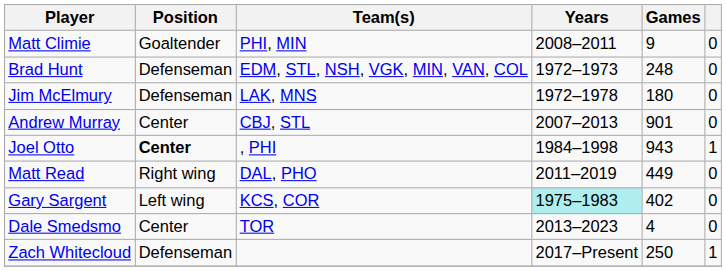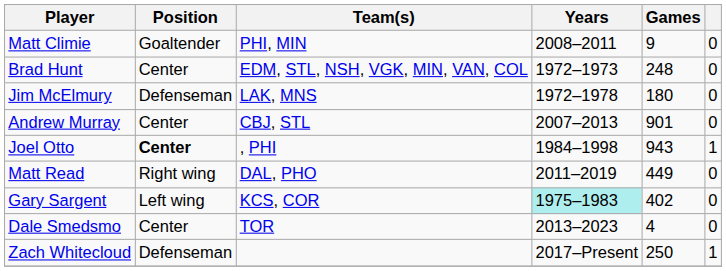 <table class="wikitable sortable">
 <tr>
 <th>Player</th>
 <th>Position</th>
 <th>Team(s)</th>
 <th>Years</th>
 <th>Games</th>
 <th><a href='#'></a></th>
 </tr>
 <tr>
 <td><a href='#'>Matt Climie</a></td>
 <td>Goaltender</td>
 <td><a href='#'>PHI</a>, <a href='#'>MIN</a></td>
 <td>2008–2011</td>
 <td>9</td>
 <td>0</td>
 </tr>
 <tr>
 <td><a href='#'>Brad Hunt</a></td>
-<td>Defenseman</td>
+<td>Center</td>
 <td><a href='#'>EDM</a>, <a href='#'>STL</a>, <a href='#'>NSH</a>, <a href='#'>VGK</a>, <a href='#'>MIN</a>, <a href='#'>VAN</a>, <a href='#'>COL</a></td>
 <td>1972–1973</td>
 <td>248</td>
 <td>0</td>
 </tr>
 <tr>
 <td><a href='#'>Jim McElmury</a></td>
 <td>Defenseman</td>
 <td><a href='#'>LAK</a>, <a href='#'>MNS</a></td>
 <td>1972–1978</td>
 <td>180</td>
 <td>0</td>
 </tr>
 <tr>
 <td><a href='#'>Andrew Murray</a></td>
 <td>Center</td>
 <td><a href='#'>CBJ</a>, <a href='#'>STL</a></td>
 <td>2007–2013</td>
 <td>901</td>
 <td>0</td>
 </tr>
 <tr>
 <td><a href='#'>Joel Otto</a></td>
 <td><strong>Center</strong></td>
 <td><span><strong></strong></span>, <a href='#'>PHI</a></td>
 <td>1984–1998</td>
 <td>943</td>
 <td>1</td>
 </tr>
 <tr>
 <td><a href='#'>Matt Read</a></td>
 <td>Right wing</td>
 <td><a href='#'>DAL</a>, <a href='#'>PHO</a></td>
 <td>2011–2019</td>
 <td>449</td>
 <td>0</td>
 </tr>
 <tr>
 <td><a href='#'>Gary Sargent</a></td>
 <td>Left wing</td>
 <td><a href='#'>KCS</a>, <a href='#'>COR</a></td>
 <td style="background: paleturquoise;">1975–1983</td>
 <td>402</td>
 <td>0</td>
 </tr>
 <tr>
 <td><a href='#'>Dale Smedsmo</a></td>
 <td>Center</td>
 <td><a href='#'>TOR</a></td>
 <td>2013–2023</td>
 <td>4</td>
 <td>0</td>
 </tr>
 <tr>
 <td><a href='#'>Zach Whitecloud</a></td>
 <td>Defenseman</td>
 <td><span><strong></strong></span></td>
 <td>2017–Present</td>
 <td>250</td>
 <td>1</td>
 </tr>
 <tr>
 </tr>
 </table>
